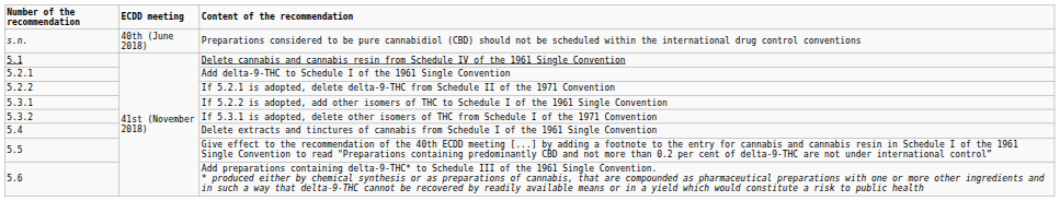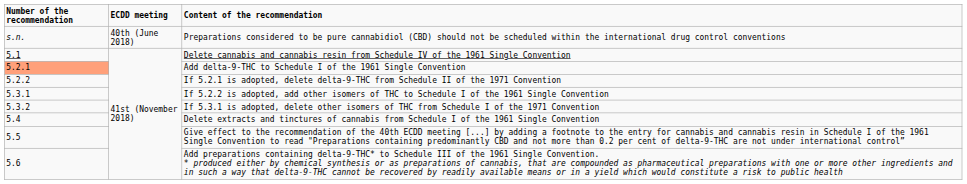 <table class="wikitable">
 <tr>
 <td><strong>Number of the recommendation</strong></td>
 <td><strong>ECDD meeting</strong></td>
 <td><strong>Content of the recommendation</strong></td>
 </tr>
 <tr>
 <td><em>s.n.</em></td>
 <td>40th (June 2018)</td>
 <td>Preparations considered to be pure cannabidiol (CBD) should not be scheduled within the international drug control conventions</td>
 </tr>
 <tr>
 <td><u>5.1</u></td>
 <td rowspan="8">41st (November 2018)</td>
 <td><u>Delete cannabis and cannabis resin from Schedule IV of the 1961 Single Convention</u></td>
 </tr>
 <tr>
-<td>5.2.1</td>
+<td style="background: lightsalmon;">5.2.1</td>
 <td>Add delta-9-THC to Schedule I of the 1961 Single Convention</td>
 </tr>
 <tr>
 <td>5.2.2</td>
 <td>If 5.2.1 is adopted, delete delta-9-THC from Schedule II of the 1971 Convention</td>
 </tr>
 <tr>
 <td>5.3.1</td>
 <td>If 5.2.2 is adopted, add other isomers of THC to Schedule I of the 1961 Single Convention</td>
 </tr>
 <tr>
 <td>5.3.2</td>
 <td>If 5.3.1 is adopted, delete other isomers of THC from Schedule I of the 1971 Convention</td>
 </tr>
 <tr>
 <td>5.4</td>
 <td>Delete extracts and tinctures of cannabis from Schedule I of the 1961 Single Convention</td>
 </tr>
 <tr>
 <td>5.5</td>
 <td>Give effect to the recommendation of the 40th ECDD meeting [...] by adding a footnote to the entry for cannabis and cannabis resin in Schedule I of the 1961 Single Convention to read "Preparations containing predominantly CBD and not more than 0.2 per cent of delta-9-THC are not under international control”</td>
 </tr>
 <tr>
 <td>5.6</td>
 <td>Add preparations containing delta-9-THC* to Schedule III of the 1961 Single Convention.<br><em>* produced either by chemical synthesis or as preparations of cannabis, that are compounded as pharmaceutical preparations with one or more other ingredients and in such a way that delta-9-THC cannot be recovered by readily available means or in a yield which would constitute a risk to public health</em></td>
 </tr>
 </table>
